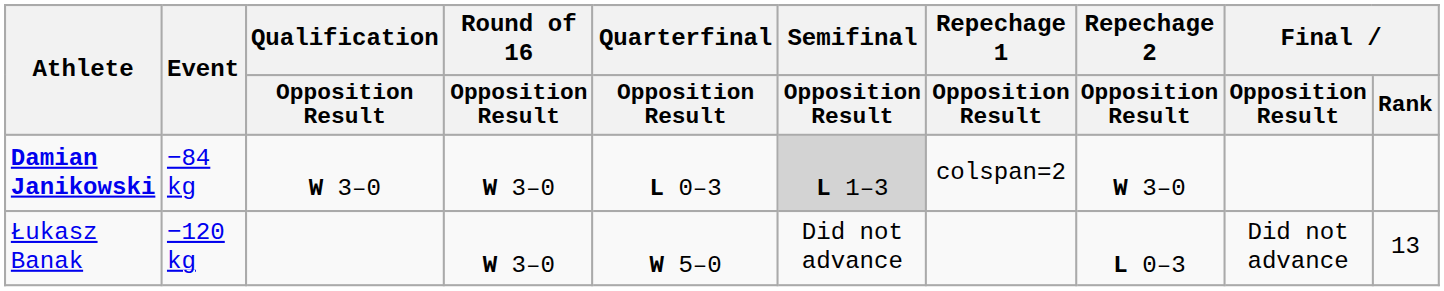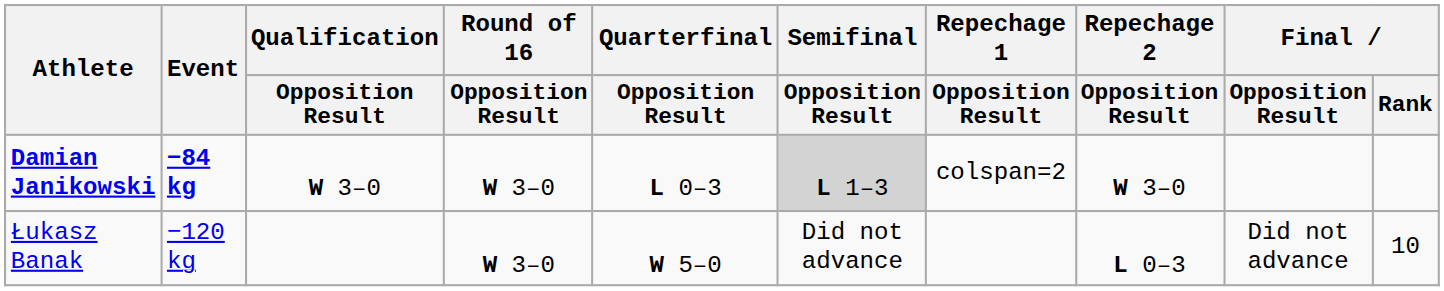 <table class="wikitable" style="font-size:90%">
 <tr>
 <th rowspan="2">Athlete</th>
 <th rowspan="2">Event</th>
 <th>Qualification</th>
 <th>Round of 16</th>
 <th>Quarterfinal</th>
 <th>Semifinal</th>
 <th>Repechage 1</th>
 <th>Repechage 2</th>
 <th colspan=2>Final / </th>
 </tr>
 <tr style="font-size: 95%">
 <th>Opposition<br>Result</th>
 <th>Opposition<br>Result</th>
 <th>Opposition<br>Result</th>
 <th>Opposition<br>Result</th>
 <th>Opposition<br>Result</th>
 <th>Opposition<br>Result</th>
 <th>Opposition<br>Result</th>
 <th>Rank</th>
 </tr>
 <tr align=center>
 <td align=left><strong><a href='#'>Damian Janikowski</a></strong></td>
-<td align=left><a href='#'>−84 kg</a></td>
+<td align=left><strong><a href='#'>−84 kg</a></strong></td>
 <td><br><strong>W</strong> 3–0 <sup></sup></td>
 <td><br><strong>W</strong> 3–0 <sup></sup></td>
 <td><br><strong>L</strong> 0–3 <sup></sup></td>
 <td style="background: lightgrey;"><br><strong>L</strong> 1–3 <sup></sup></td>
 <td>colspan=2 </td>
 <td><br><strong>W</strong> 3–0 <sup></sup></td>
 <td></td>
 </tr>
 <tr align=center>
 <td align=left><a href='#'>Łukasz Banak</a></td>
 <td align=left><a href='#'>−120 kg</a></td>
 <td></td>
 <td><br><strong>W</strong> 3–0 <sup></sup></td>
 <td><br><strong>W</strong> 5–0 <sup></sup></td>
 <td>Did not advance</td>
 <td></td>
 <td><br><strong>L</strong> 0–3 <sup></sup></td>
 <td>Did not advance</td>
-<td>13</td>
+<td>10</td>
 </tr>
 </table>
